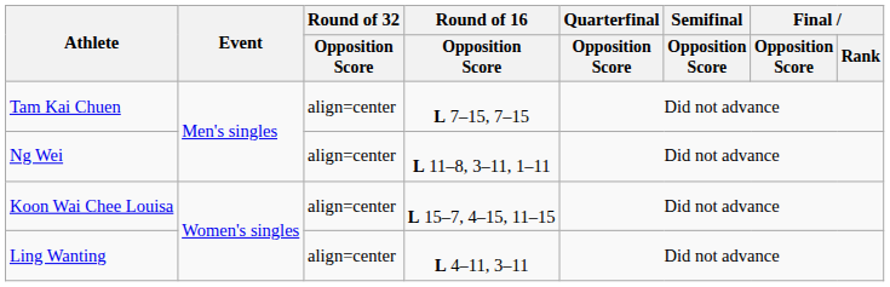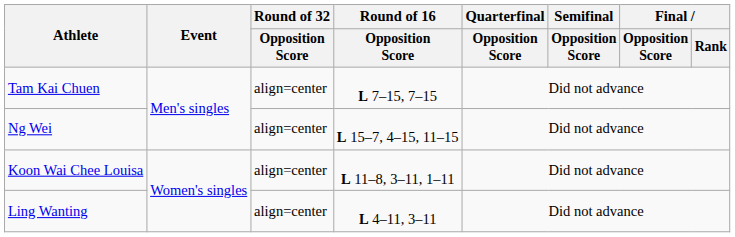 <table class=wikitable style="font-size:90%">
 <tr>
 <th rowspan="2">Athlete</th>
 <th rowspan="2">Event</th>
 <th>Round of 32</th>
 <th>Round of 16</th>
 <th>Quarterfinal</th>
 <th>Semifinal</th>
 <th colspan=2>Final / </th>
 </tr>
 <tr style="font-size:95%">
 <th>Opposition<br>Score</th>
 <th>Opposition<br>Score</th>
 <th>Opposition<br>Score</th>
 <th>Opposition<br>Score</th>
 <th>Opposition<br>Score</th>
 <th>Rank</th>
 </tr>
 <tr>
 <td align=left><a href='#'>Tam Kai Chuen</a></td>
 <td align=left rowspan=2><a href='#'>Men's singles</a></td>
 <td>align=center </td>
 <td align=center><br><strong>L</strong> 7–15, 7–15</td>
 <td align=center colspan=4>Did not advance</td>
 </tr>
 <tr>
 <td align=left><a href='#'>Ng Wei</a></td>
 <td>align=center </td>
-<td align=center><br><strong>L</strong> 11–8, 3–11, 1–11</td>
+<td align=center><br><strong>L</strong> 15–7, 4–15, 11–15</td>
 <td align=center colspan=4>Did not advance</td>
 </tr>
 <tr>
 <td align=left><a href='#'>Koon Wai Chee Louisa</a></td>
 <td align=left rowspan=2><a href='#'>Women's singles</a></td>
 <td>align=center </td>
-<td align=center><br><strong>L</strong> 15–7, 4–15, 11–15</td>
+<td align=center><br><strong>L</strong> 11–8, 3–11, 1–11</td>
 <td align=center colspan=4>Did not advance</td>
 </tr>
 <tr>
 <td align=left><a href='#'>Ling Wanting</a></td>
 <td>align=center </td>
 <td align=center><br><strong>L</strong> 4–11, 3–11</td>
 <td align=center colspan=4>Did not advance</td>
 </tr>
 </table>
